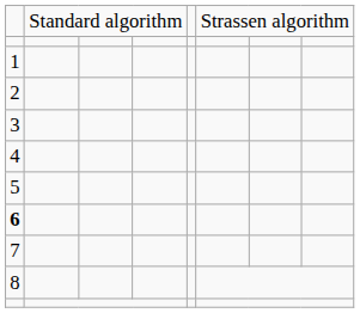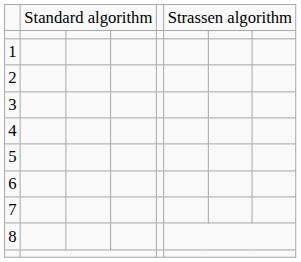 <table class = "wikitable">
 <tr>
 <td></td>
 <td colspan="3">Standard algorithm</td>
 <td></td>
 <td colspan="3">Strassen algorithm</td>
 </tr>
 <tr>
 <td></td>
 <td></td>
 <td></td>
 <td></td>
 <td></td>
 <td></td>
 <td></td>
 <td></td>
 </tr>
 <tr>
 <td>1</td>
 <td></td>
 <td></td>
 <td></td>
 <td></td>
 <td></td>
 <td></td>
 <td></td>
 </tr>
 <tr>
 <td>2</td>
 <td></td>
 <td></td>
 <td></td>
 <td></td>
 <td></td>
 <td></td>
 <td></td>
 </tr>
 <tr>
 <td>3</td>
 <td></td>
 <td></td>
 <td></td>
 <td></td>
 <td></td>
 <td></td>
 <td></td>
 </tr>
 <tr>
 <td>4</td>
 <td></td>
 <td></td>
 <td></td>
 <td></td>
 <td></td>
 <td></td>
 <td></td>
 </tr>
 <tr>
 <td>5</td>
 <td></td>
 <td></td>
 <td></td>
 <td></td>
 <td></td>
 <td></td>
 <td></td>
 </tr>
 <tr>
-<td><strong>6</strong></td>
+<td>6</td>
 <td></td>
 <td></td>
 <td></td>
 <td></td>
 <td></td>
 <td></td>
 <td></td>
 </tr>
 <tr>
 <td>7</td>
 <td></td>
 <td></td>
 <td></td>
 <td></td>
 <td></td>
 <td></td>
 <td></td>
 </tr>
 <tr>
 <td>8</td>
 <td></td>
 <td></td>
 <td></td>
 <td></td>
 <td colspan="3"></td>
 </tr>
 <tr>
 <td></td>
 <td colspan="3"></td>
 <td></td>
 <td colspan="3"></td>
 </tr>
 </table>
